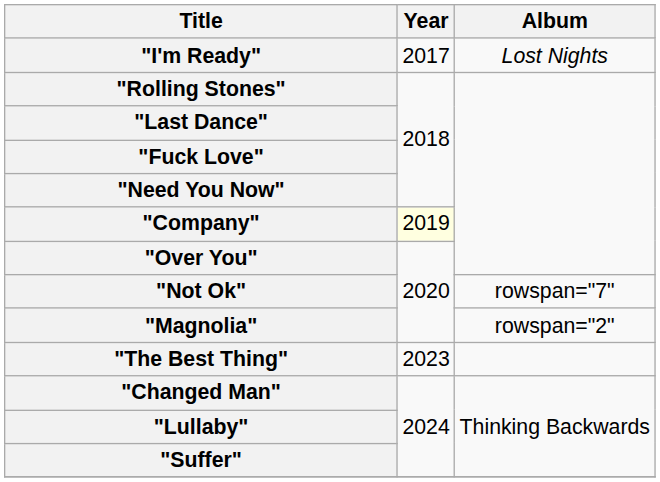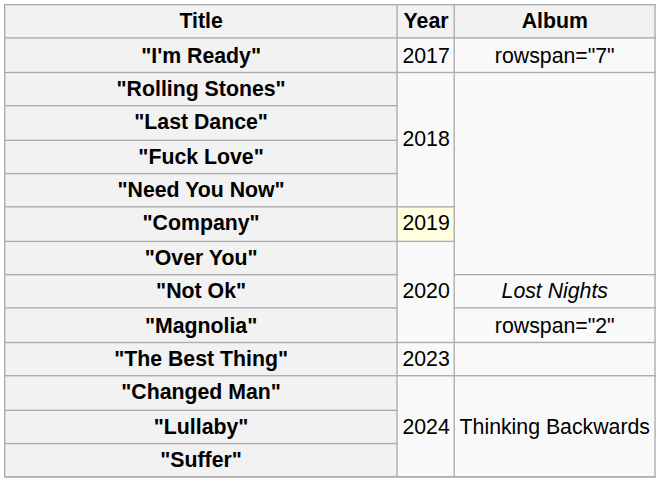 <table class="wikitable plainrowheaders" style="text-align:center">
 <tr>
 <th scope="col" style="width:18em;">Title</th>
 <th scope="col">Year</th>
 <th scope="col">Album</th>
 </tr>
 <tr>
 <th scope="row">"I'm Ready"</th>
 <td>2017</td>
-<td><em>Lost Nights</em></td>
+<td>rowspan="7" </td>
 </tr>
 <tr>
 <th scope="row">"Rolling Stones"</th>
 <td rowspan="4">2018</td>
 </tr>
 <tr>
 <th scope="row">"Last Dance"</th>
 </tr>
 <tr>
 <th scope="row">"Fuck Love"</th>
 </tr>
 <tr>
 <th scope="row">"Need You Now"</th>
 </tr>
 <tr>
 <th scope="row">"Company"</th>
 <td style="background: lightyellow;">2019</td>
 </tr>
 <tr>
 <th scope="row">"Over You"</th>
 <td rowspan="3">2020</td>
 </tr>
 <tr>
 <th scope="row">"Not Ok"</th>
-<td>rowspan="7" </td>
+<td><em>Lost Nights</em></td>
 </tr>
 <tr>
 <th scope="row">"Magnolia"</th>
 <td>rowspan="2" </td>
 </tr>
 <tr>
 <th scope="row">"The Best Thing"</th>
 <td>2023</td>
 </tr>
 <tr>
 <th scope="row">"Changed Man"</th>
 <td rowspan="3">2024</td>
 <td rowspan="3">Thinking Backwards</td>
 </tr>
 <tr>
 <th scope="row">"Lullaby"</th>
 </tr>
 <tr>
 <th scope="row">"Suffer"</th>
 </tr>
 <tr>
 </tr>
 </table>
